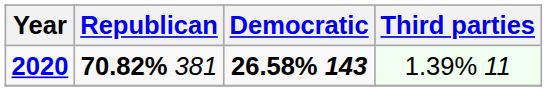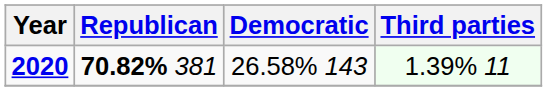 <table class="wikitable" style="float:right; font-size:95%;">
 <tr bgcolor=lightgrey>
 <th>Year</th>
 <th><a href='#'>Republican</a></th>
 <th><a href='#'>Democratic</a></th>
 <th><a href='#'>Third parties</a></th>
 </tr>
 <tr>
 <td style="text-align:center;" ><strong><a href='#'>2020</a></strong></td>
 <td style="text-align:center;" ><strong>70.82%</strong> <em>381</em></td>
-<td style="text-align:center;" ><strong>26.58% <em>143</em></strong></td>
+<td style="text-align:center;" >26.58% <em>143</em></td>
 <td style="text-align:center; background:honeyDew;">1.39% <em>11</em></td>
 </tr>
 <tr>
 </tr>
 </table>
